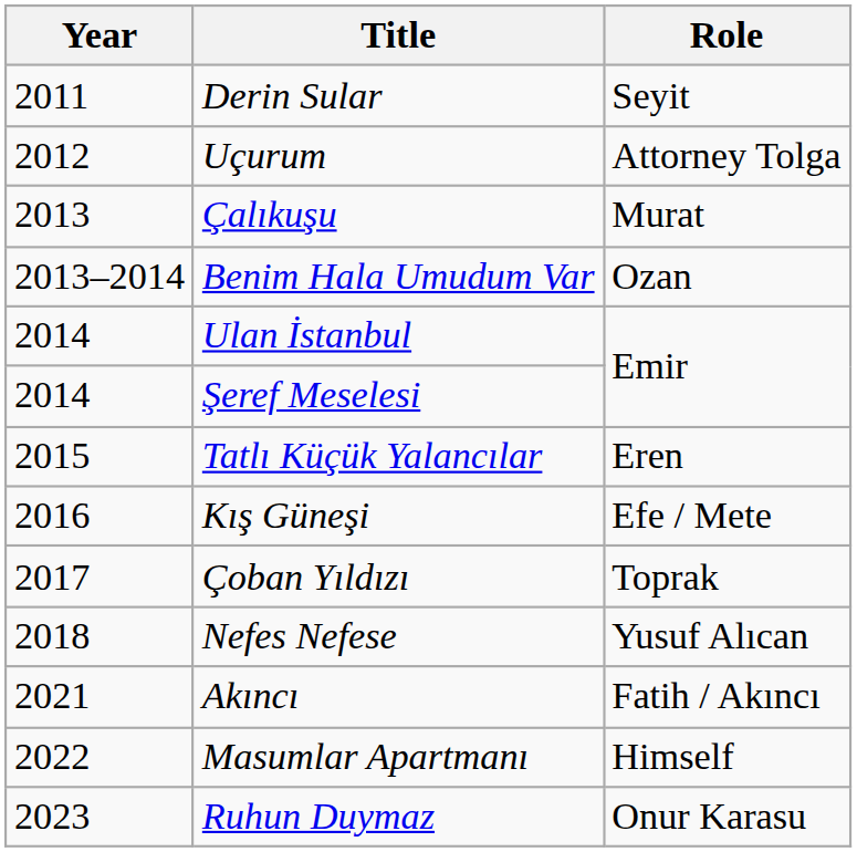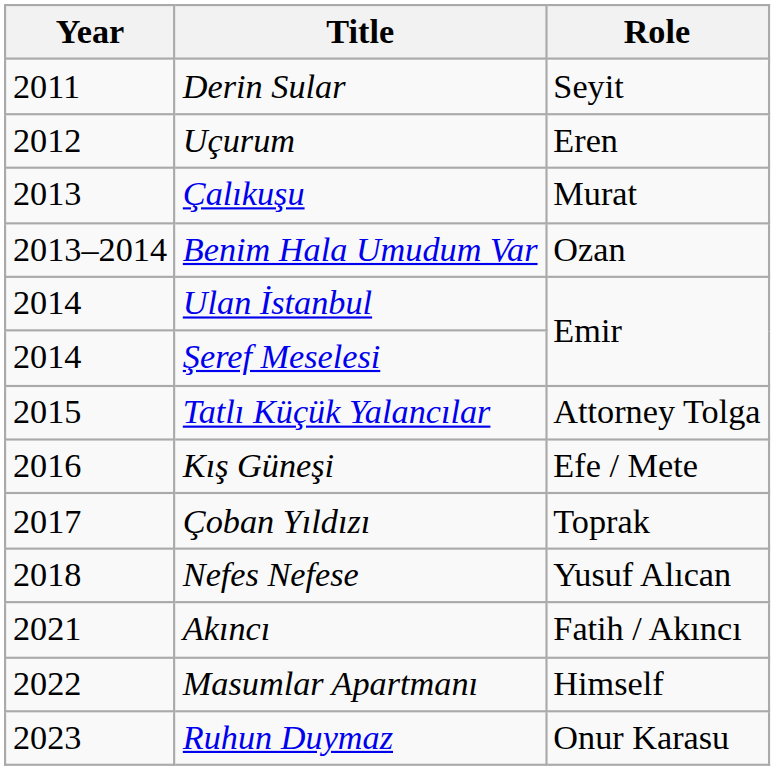 <table class="wikitable sortable">
 <tr>
 <th>Year</th>
 <th>Title</th>
 <th>Role</th>
 </tr>
 <tr>
 <td>2011</td>
 <td><em>Derin Sular</em></td>
 <td>Seyit</td>
 </tr>
 <tr>
 <td>2012</td>
 <td><em>Uçurum</em></td>
-<td>Attorney Tolga</td>
+<td>Eren</td>
 </tr>
 <tr>
 <td>2013</td>
 <td><em><a href='#'>Çalıkuşu</a></em></td>
 <td>Murat</td>
 </tr>
 <tr>
 <td>2013–2014</td>
 <td><em><a href='#'>Benim Hala Umudum Var</a></em></td>
 <td>Ozan</td>
 </tr>
 <tr>
 <td>2014</td>
 <td><em><a href='#'>Ulan İstanbul</a></em></td>
 <td rowspan="2">Emir</td>
 </tr>
 <tr>
 <td>2014</td>
 <td><em><a href='#'>Şeref Meselesi</a></em></td>
 </tr>
 <tr>
 <td>2015</td>
 <td><em><a href='#'>Tatlı Küçük Yalancılar</a></em></td>
-<td>Eren</td>
+<td>Attorney Tolga</td>
 </tr>
 <tr>
 <td>2016</td>
 <td><em>Kış Güneşi</em></td>
 <td>Efe / Mete</td>
 </tr>
 <tr>
 <td>2017</td>
 <td><em>Çoban Yıldızı</em></td>
 <td>Toprak</td>
 </tr>
 <tr>
 <td>2018</td>
 <td><em>Nefes Nefese</em></td>
 <td>Yusuf Alıcan</td>
 </tr>
 <tr>
 <td>2021</td>
 <td><em>Akıncı</em></td>
 <td>Fatih / Akıncı</td>
 </tr>
 <tr>
 <td>2022</td>
 <td><em>Masumlar Apartmanı</em></td>
 <td>Himself</td>
 </tr>
 <tr>
 <td>2023</td>
 <td><em><a href='#'>Ruhun Duymaz</a></em></td>
 <td>Onur Karasu</td>
 </tr>
 </table>
